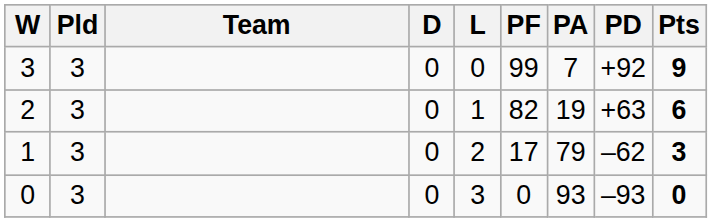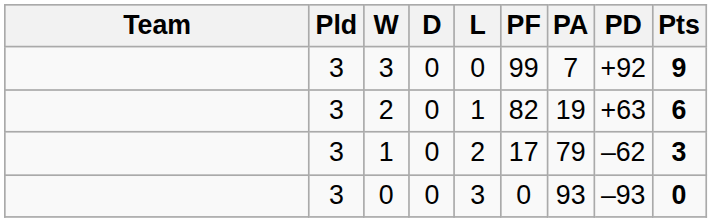 <table class="wikitable" style="text-align:center;">
 <tr>
+<th width=175>Team</th>
+<th width=20 abbr="Played">Pld</th>
 <th width=20 abbr="Won">W</th>
-<th width=20 abbr="Played">Pld</th>
-<th width=175>Team</th>
 <th width=20 abbr="Drawn">D</th>
 <th width=20 abbr="Lost">L</th>
 <th width=20 abbr="Points for">PF</th>
 <th width=20 abbr="Points against">PA</th>
 <th width=25 abbr="Points difference">PD</th>
 <th width=20 abbr="Points">Pts</th>
 </tr>
 <tr>
+<td align=left></td>
 <td>3</td>
 <td>3</td>
-<td align=left></td>
 <td>0</td>
 <td>0</td>
 <td>99</td>
 <td>7</td>
 <td>+92</td>
 <td><strong>9</strong></td>
 </tr>
 <tr>
+<td align=left></td>
+<td>3</td>
 <td>2</td>
-<td>3</td>
-<td align=left></td>
 <td>0</td>
 <td>1</td>
 <td>82</td>
 <td>19</td>
 <td>+63</td>
 <td><strong>6</strong></td>
 </tr>
 <tr>
+<td align=left></td>
+<td>3</td>
 <td>1</td>
-<td>3</td>
-<td align=left></td>
 <td>0</td>
 <td>2</td>
 <td>17</td>
 <td>79</td>
 <td>–62</td>
 <td><strong>3</strong></td>
 </tr>
 <tr>
+<td align=left></td>
+<td>3</td>
 <td>0</td>
-<td>3</td>
-<td align=left></td>
 <td>0</td>
 <td>3</td>
 <td>0</td>
 <td>93</td>
 <td>–93</td>
 <td><strong>0</strong></td>
 </tr>
 </table>
